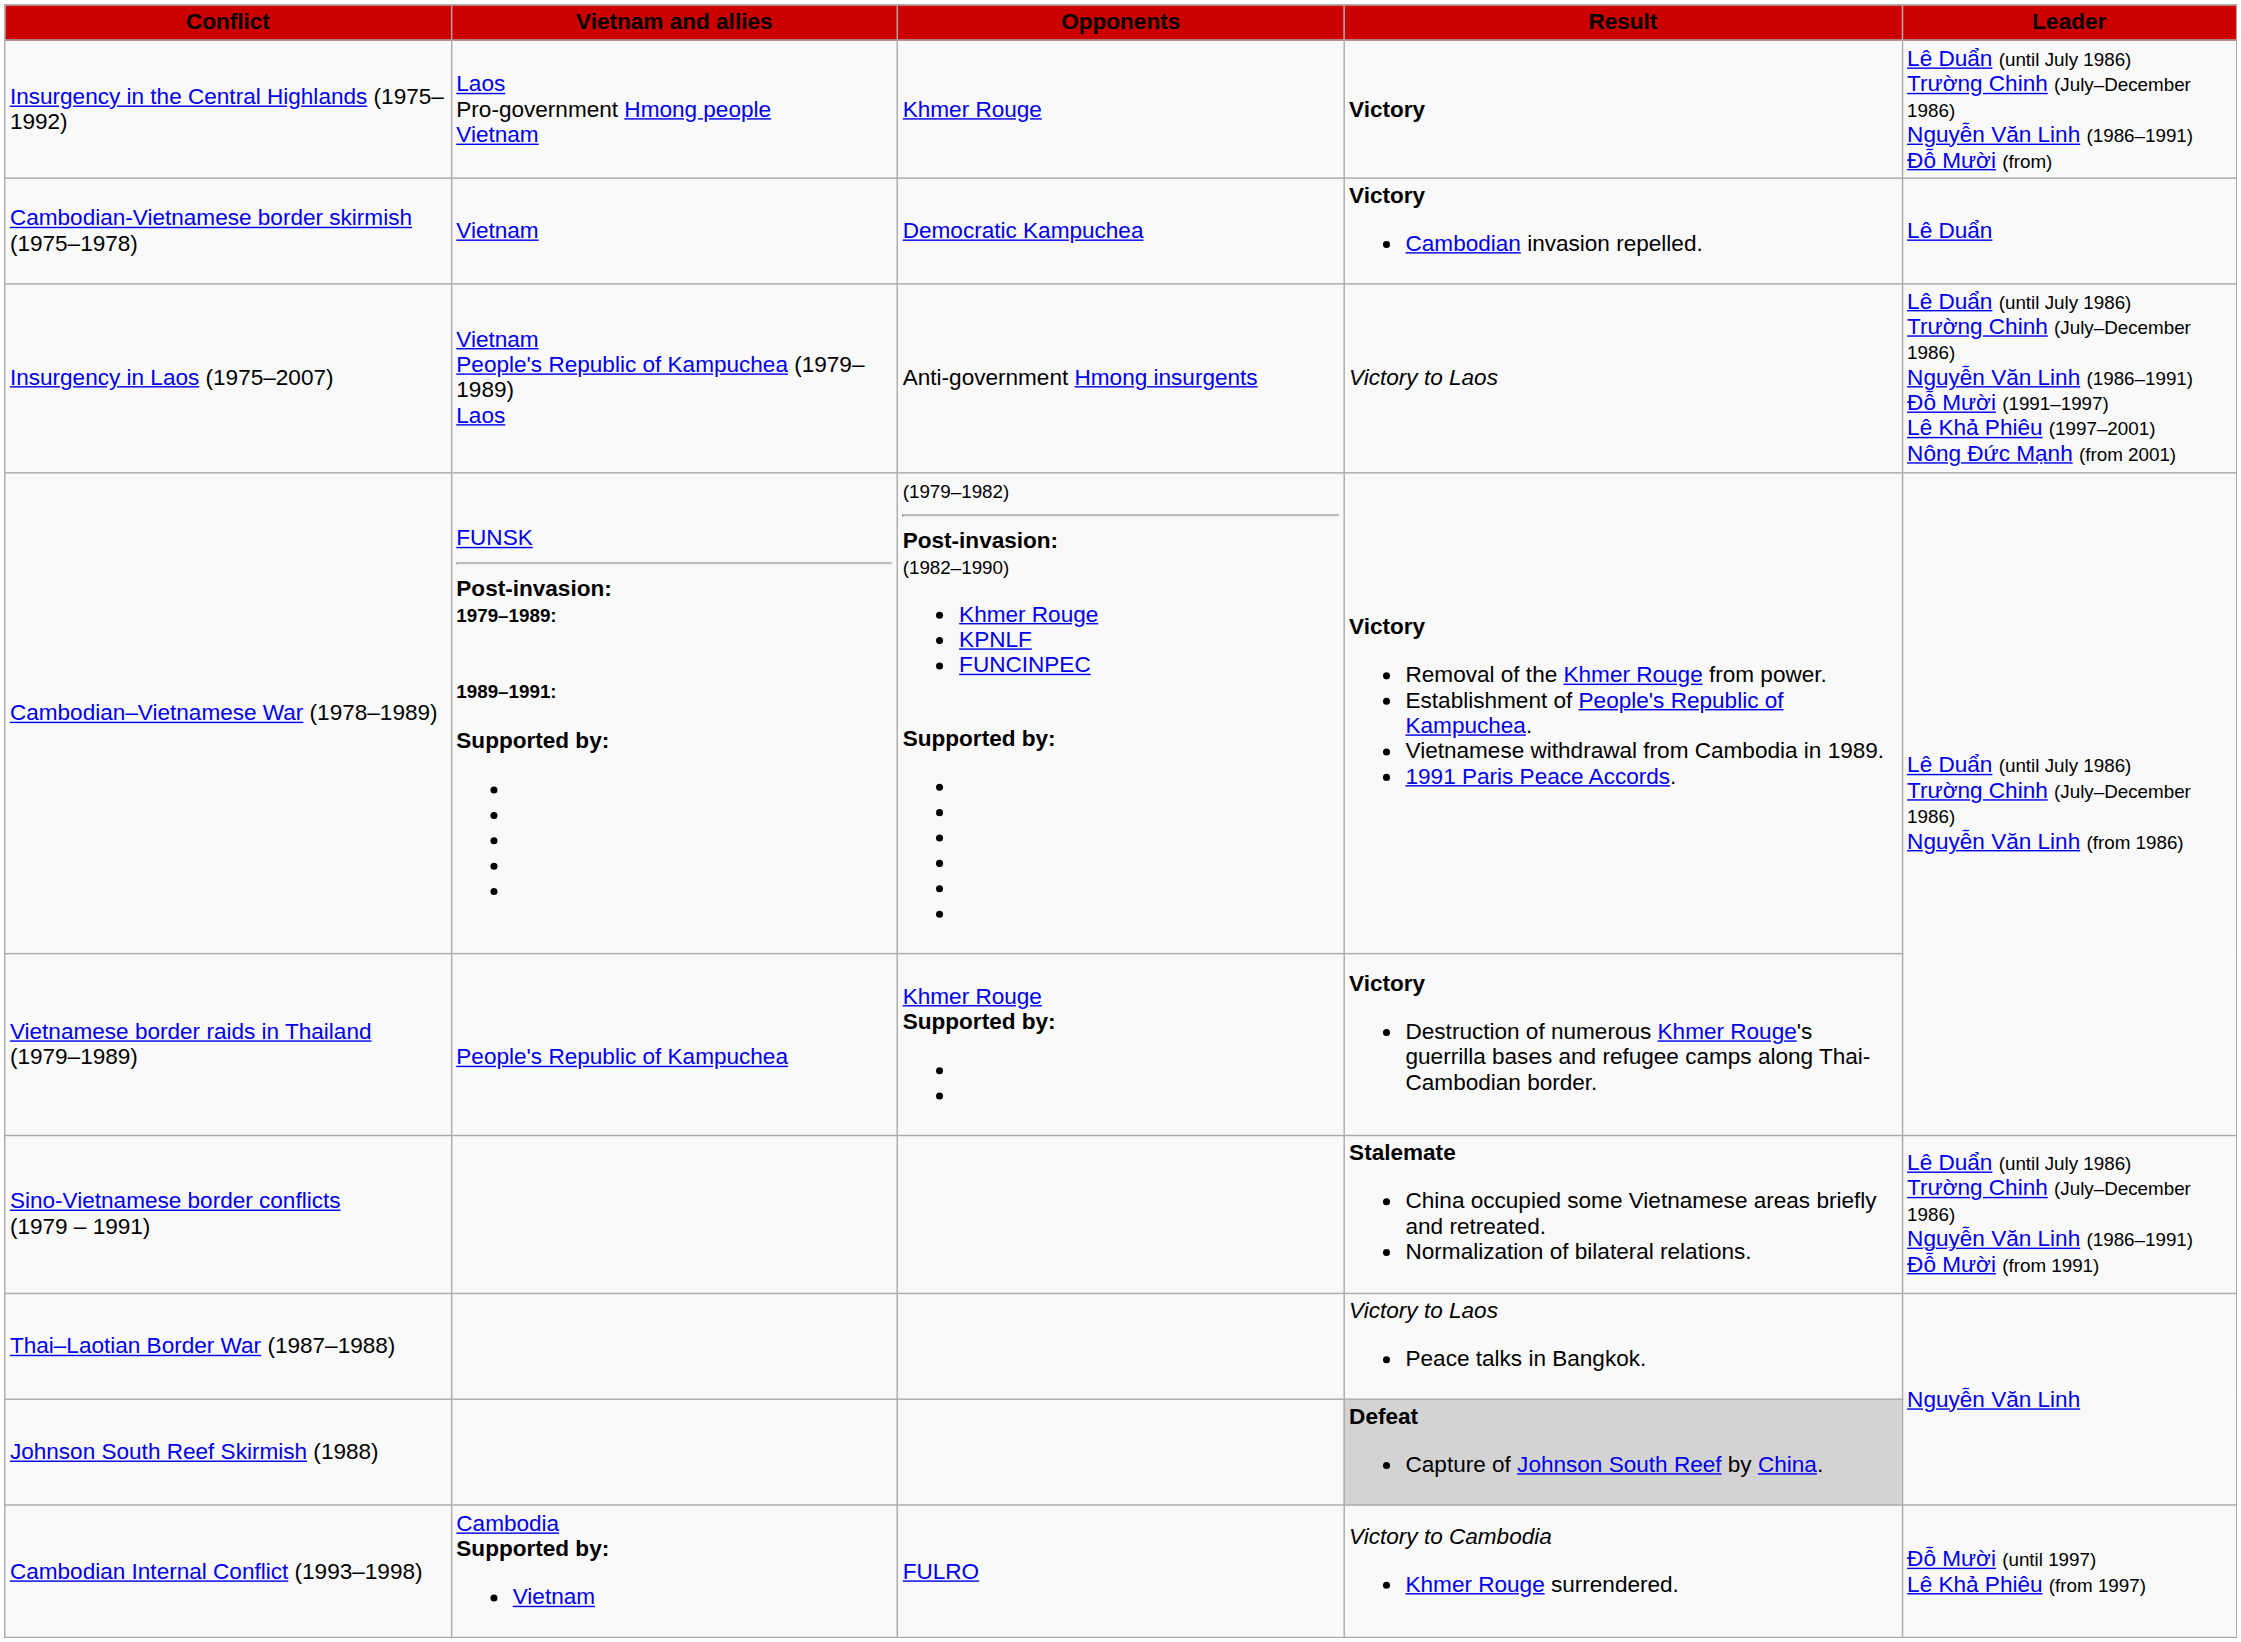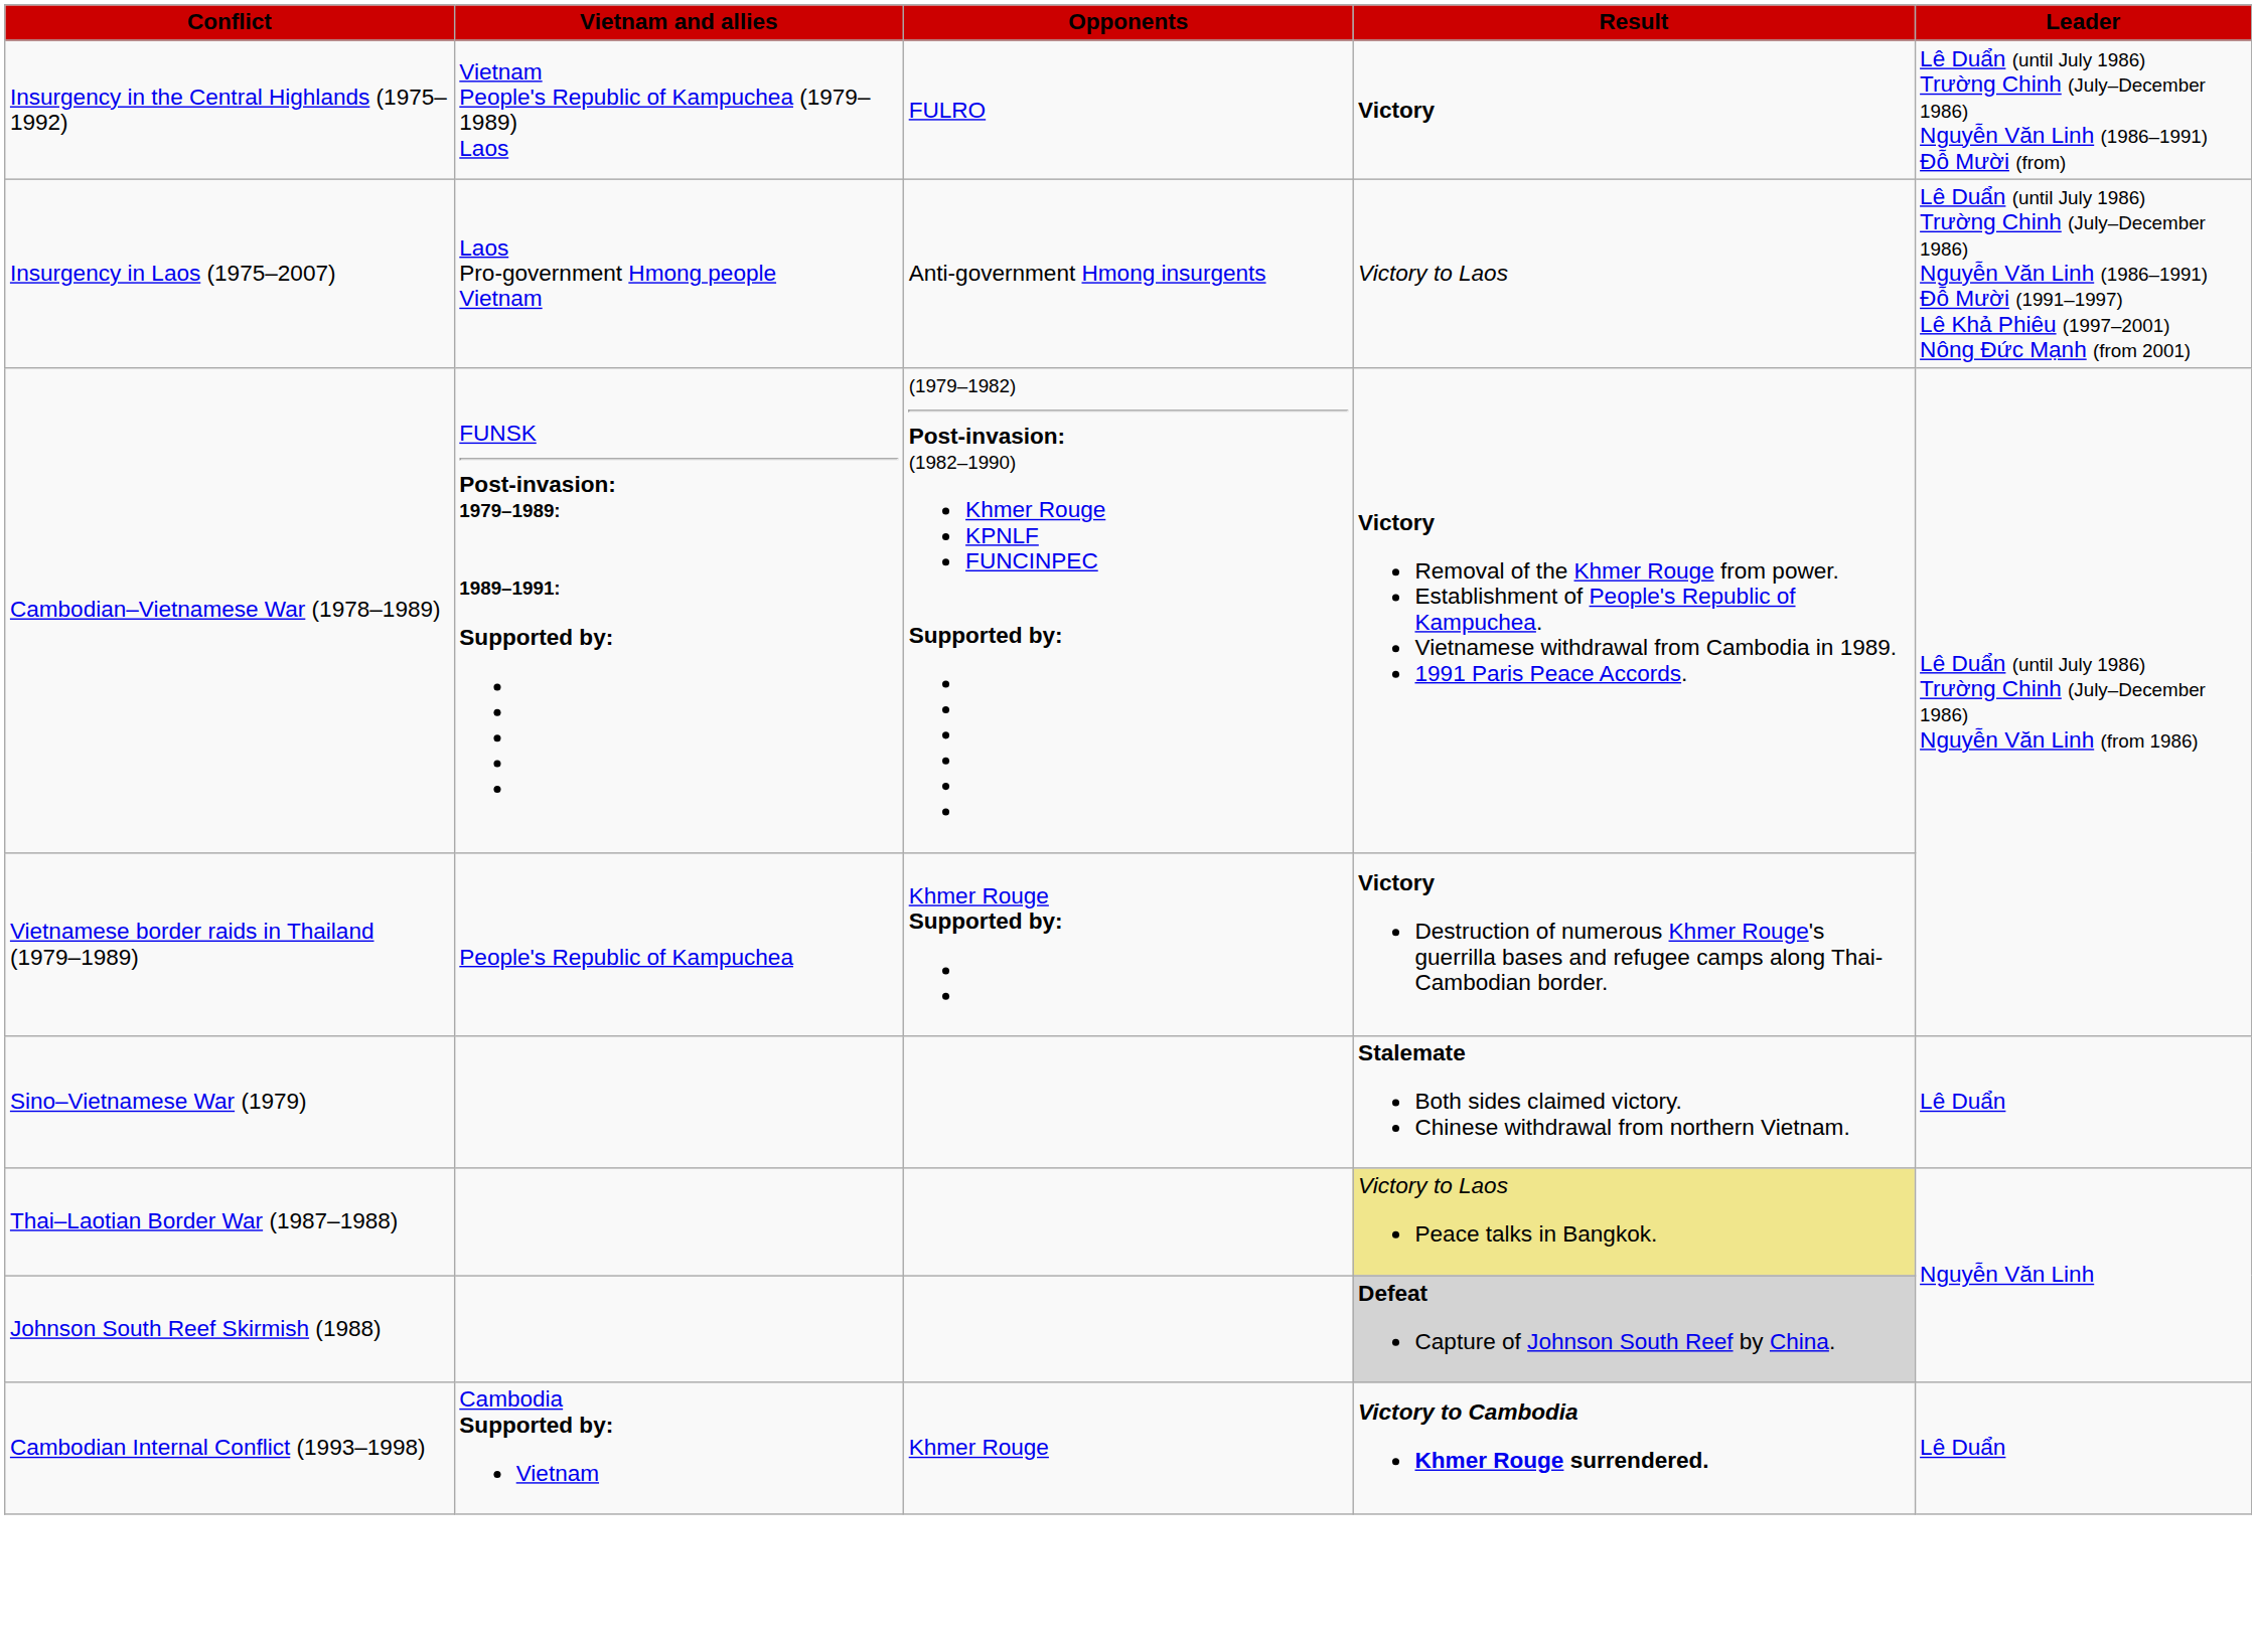 <table class="wikitable" width="100%">
 <tr>
 <th style="background:#CC0000" width="20%"><span>Conflict</span></th>
 <th style="background:#CC0000" width="20%"><span>Vietnam and allies</span></th>
 <th style="background:#CC0000" width="20%"><span>Opponents</span></th>
 <th style="background:#CC0000" width="25%"><span>Result</span></th>
 <th style="background:#CC0000" width="15%"><span>Leader</span></th>
 </tr>
 <tr>
 <td><a href='#'>Insurgency in the Central Highlands</a> (1975–1992)</td>
-<td> <a href='#'>Laos</a><br>Pro-government <a href='#'>Hmong people</a><br>  <a href='#'>Vietnam</a></td>
-<td> <a href='#'>Khmer Rouge</a></td>
+<td> <a href='#'>Vietnam</a> <br>  <a href='#'>People's Republic of Kampuchea</a> (1979–1989) <br>  <a href='#'>Laos</a></td>
+<td> <a href='#'>FULRO</a></td>
 <td><strong>Victory</strong></td>
 <td><a href='#'>Lê Duẩn</a> <small>(until July 1986)</small> <br> <a href='#'>Trường Chinh</a> <small>(July–December 1986)</small> <br> <a href='#'>Nguyễn Văn Linh</a> <small>(1986–1991)</small> <br> <a href='#'>Đỗ Mười</a> <small>(from)</small></td>
 </tr>
 <tr>
-<td><a href='#'>Cambodian-Vietnamese border skirmish</a> (1975–1978)</td>
-<td> <a href='#'>Vietnam</a></td>
-<td> <a href='#'>Democratic Kampuchea</a></td>
-<td><strong>Victory</strong><br><ul><li><a href='#'>Cambodian</a> invasion repelled.</li></ul></td>
-<td><a href='#'>Lê Duẩn</a></td>
-</tr>
-<tr>
 <td><a href='#'>Insurgency in Laos</a> (1975–2007)</td>
-<td> <a href='#'>Vietnam</a> <br>  <a href='#'>People's Republic of Kampuchea</a> (1979–1989) <br>  <a href='#'>Laos</a></td>
+<td> <a href='#'>Laos</a><br>Pro-government <a href='#'>Hmong people</a><br>  <a href='#'>Vietnam</a></td>
 <td>Anti-government <a href='#'>Hmong insurgents</a></td>
 <td><em>Victory to Laos</em></td>
 <td><a href='#'>Lê Duẩn</a> <small>(until July 1986)</small> <br> <a href='#'>Trường Chinh</a> <small>(July–December 1986)</small> <br> <a href='#'>Nguyễn Văn Linh</a> <small>(1986–1991)</small> <br> <a href='#'>Đỗ Mười</a> <small>(1991–1997)</small> <br> <a href='#'>Lê Khả Phiêu</a> <small>(1997–2001)</small> <br> <a href='#'>Nông Đức Mạnh</a> <small>(from 2001)</small></td>
 </tr>
 <tr>
 <td><a href='#'>Cambodian–Vietnamese War</a> (1978–1989)</td>
 <td><br> <a href='#'>FUNSK</a><hr><strong>Post-invasion:</strong><br><small><strong>1979–1989:</strong></small><br><br><br><small><strong>1989–1991:</strong></small><br><br><strong>Supported by:</strong><br><ul><li></li><li></li><li></li><li></li><li></li></ul></td>
 <td> <small>(1979–1982)</small><hr><strong>Post-invasion:</strong><br> <small>(1982–1990)</small><br><ul><li> <a href='#'>Khmer Rouge</a></li><li> <a href='#'>KPNLF</a></li><li> <a href='#'>FUNCINPEC</a></li></ul><br><strong>Supported by:</strong><ul><li></li><li></li><li></li><li></li><li></li><li></li></ul></td>
 <td><strong>Victory</strong><br><ul><li>Removal of the <a href='#'>Khmer Rouge</a> from power.</li><li>Establishment of <a href='#'>People's Republic of Kampuchea</a>.</li><li>Vietnamese withdrawal from Cambodia in 1989.</li><li><a href='#'>1991 Paris Peace Accords</a>.</li></ul></td>
 <td rowspan="2"><a href='#'>Lê Duẩn</a> <small>(until July 1986)</small> <br> <a href='#'>Trường Chinh</a> <small>(July–December 1986)</small> <br> <a href='#'>Nguyễn Văn Linh</a> <small>(from 1986)</small></td>
 </tr>
 <tr>
 <td><a href='#'>Vietnamese border raids in Thailand</a> (1979–1989)</td>
 <td> <br>  <a href='#'>People's Republic of Kampuchea</a></td>
 <td> <br>  <a href='#'>Khmer Rouge</a> <br> <strong>Supported by:</strong><br><ul><li></li><li></li></ul></td>
 <td><strong>Victory</strong><br><ul><li>Destruction of numerous <a href='#'>Khmer Rouge</a>'s guerrilla bases and refugee camps along Thai-Cambodian border.</li></ul></td>
 </tr>
 <tr>
-<td><a href='#'>Sino-Vietnamese border conflicts</a> <br>(1979 – 1991)</td>
+<td><a href='#'>Sino–Vietnamese War</a> (1979)</td>
 <td></td>
 <td></td>
-<td><strong>Stalemate</strong><br><ul><li>China occupied some Vietnamese areas briefly and retreated.</li><li>Normalization of bilateral relations.</li></ul></td>
-<td><a href='#'>Lê Duẩn</a> <small>(until July 1986)</small> <br> <a href='#'>Trường Chinh</a> <small>(July–December 1986)</small> <br> <a href='#'>Nguyễn Văn Linh</a> <small>(1986–1991)</small><br><a href='#'>Đỗ Mười</a> <small>(from 1991)</small></td>
+<td><strong>Stalemate</strong><br><ul><li>Both sides claimed victory.</li><li>Chinese withdrawal from northern Vietnam.</li></ul></td>
+<td><a href='#'>Lê Duẩn</a></td>
 </tr>
 <tr>
 <td><a href='#'>Thai–Laotian Border War</a> (1987–1988)</td>
 <td> <br> </td>
 <td></td>
-<td><em>Victory to Laos</em><br><ul><li>Peace talks in Bangkok.</li></ul></td>
+<td style="background: khaki;"><em>Victory to Laos</em><br><ul><li>Peace talks in Bangkok.</li></ul></td>
 <td rowspan="2"><a href='#'>Nguyễn Văn Linh</a></td>
 </tr>
 <tr>
 <td><a href='#'>Johnson South Reef Skirmish</a> (1988)</td>
 <td></td>
 <td></td>
 <td style="background: lightgrey;"><strong>Defeat</strong><br><ul><li>Capture of <a href='#'>Johnson South Reef</a> by <a href='#'>China</a>.</li></ul></td>
 </tr>
 <tr>
 <td><a href='#'>Cambodian Internal Conflict</a> (1993–1998)</td>
 <td> <a href='#'>Cambodia</a> <br> <strong>Supported by:</strong><br><ul><li> <a href='#'>Vietnam</a></li></ul></td>
-<td> <a href='#'>FULRO</a></td>
-<td><em>Victory to Cambodia</em><br><ul><li><a href='#'>Khmer Rouge</a> surrendered.</li></ul></td>
-<td><a href='#'>Đỗ Mười</a> <small>(until 1997)</small> <br> <a href='#'>Lê Khả Phiêu</a> <small>(from 1997)</small></td>
+<td> <a href='#'>Khmer Rouge</a></td>
+<td><strong><em>Victory to Cambodia</em><br><ul><li><a href='#'>Khmer Rouge</a> surrendered.</li></ul></strong></td>
+<td><a href='#'>Lê Duẩn</a></td>
 </tr>
 </table>
